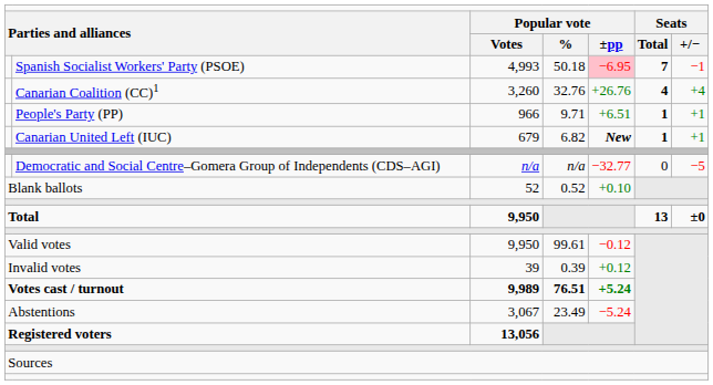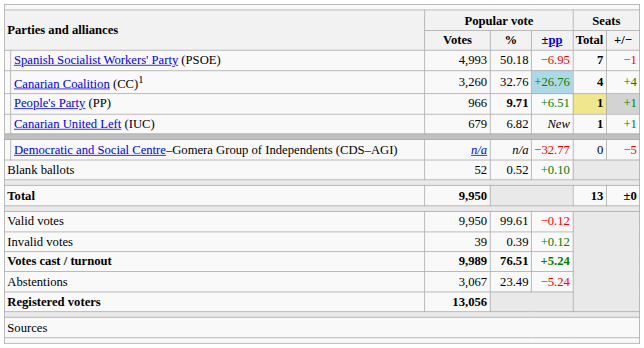 <table class="wikitable" style="text-align:right;">
 <tr>
 <td colspan="7"></td>
 </tr>
 <tr>
 <th style="text-align:left;" rowspan="2" colspan="2" width="525">Parties and alliances</th>
 <th colspan="3">Popular vote</th>
 <th colspan="2">Seats</th>
 </tr>
 <tr>
 <th width="75">Votes</th>
 <th width="45">%</th>
 <th width="45">±<a href='#'>pp</a></th>
 <th width="35">Total</th>
 <th width="35">+/−</th>
 </tr>
 <tr>
 <td width="1" style="color:inherit;background:"></td>
 <td align="left"><a href='#'>Spanish Socialist Workers' Party</a> (PSOE)</td>
 <td>4,993</td>
 <td>50.18</td>
-<td style="background: pink; color:red;">−6.95</td>
+<td style="color:red;">−6.95</td>
 <td><strong>7</strong></td>
 <td style="color:red;">−1</td>
 </tr>
 <tr>
 <td style="color:inherit;background:"></td>
 <td align="left"><a href='#'>Canarian Coalition</a> (CC)<sup>1</sup></td>
 <td>3,260</td>
 <td>32.76</td>
-<td style="color:green;">+26.76</td>
+<td style="background: lightblue; color:green;">+26.76</td>
 <td><strong>4</strong></td>
 <td style="color:green;">+4</td>
 </tr>
 <tr>
 <td style="color:inherit;background:"></td>
 <td align="left"><a href='#'>People's Party</a> (PP)</td>
 <td>966</td>
-<td>9.71</td>
+<td><strong>9.71</strong></td>
 <td style="color:green;">+6.51</td>
-<td><strong>1</strong></td>
-<td style="color:green;">+1</td>
+<td style="background: khaki;"><strong>1</strong></td>
+<td style="background: lightgrey; color:green;">+1</td>
 </tr>
 <tr>
 <td style="color:inherit;background:"></td>
 <td align="left"><a href='#'>Canarian United Left</a> (IUC)</td>
 <td>679</td>
 <td>6.82</td>
-<td><strong><em>New</em></strong></td>
+<td><em>New</em></td>
 <td><strong>1</strong></td>
 <td style="color:green;">+1</td>
 </tr>
 <tr>
 <td colspan="7" bgcolor="#C0C0C0"></td>
 </tr>
 <tr>
 <td style="color:inherit;background:"></td>
 <td align="left"><a href='#'>Democratic and Social Centre</a>–Gomera Group of Independents (CDS–AGI)</td>
 <td><em><a href='#'>n/a</a></em></td>
 <td><em>n/a</em></td>
 <td style="color:red;">−32.77</td>
 <td>0</td>
 <td style="color:red;">−5</td>
 </tr>
 <tr>
 <td align="left" colspan="2">Blank ballots</td>
 <td>52</td>
 <td>0.52</td>
 <td style="color:green;">+0.10</td>
 <td bgcolor="#E9E9E9" colspan="2"></td>
 </tr>
 <tr>
 <td colspan="7" bgcolor="#E9E9E9"></td>
 </tr>
 <tr style="font-weight:bold;">
 <td align="left" colspan="2">Total</td>
 <td>9,950</td>
 <td bgcolor="#E9E9E9" colspan="2"></td>
 <td>13</td>
 <td>±0</td>
 </tr>
 <tr>
 <td colspan="7" bgcolor="#E9E9E9"></td>
 </tr>
 <tr>
 <td align="left" colspan="2">Valid votes</td>
 <td>9,950</td>
 <td>99.61</td>
 <td style="color:red;">−0.12</td>
 <td bgcolor="#E9E9E9" colspan="2" rowspan="5"></td>
 </tr>
 <tr>
 <td align="left" colspan="2">Invalid votes</td>
 <td>39</td>
 <td>0.39</td>
 <td style="color:green;">+0.12</td>
 </tr>
 <tr style="font-weight:bold;">
 <td align="left" colspan="2">Votes cast / turnout</td>
 <td>9,989</td>
 <td>76.51</td>
 <td style="color:green;">+5.24</td>
 </tr>
 <tr>
 <td align="left" colspan="2">Abstentions</td>
 <td>3,067</td>
 <td>23.49</td>
 <td style="color:red;">−5.24</td>
 </tr>
 <tr style="font-weight:bold;">
 <td align="left" colspan="2">Registered voters</td>
 <td>13,056</td>
 <td bgcolor="#E9E9E9" colspan="2"></td>
 </tr>
 <tr>
 <td colspan="7" bgcolor="#E9E9E9"></td>
 </tr>
 <tr>
 <td align="left" colspan="7">Sources</td>
 </tr>
 <tr>
 <td colspan="7" style="text-align:left; max-width:790px;"></td>
 </tr>
 </table>
